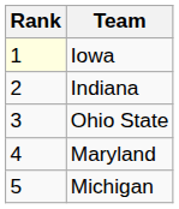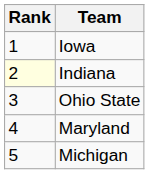 <table class="wikitable">
 <tr>
 <th>Rank</th>
 <th>Team</th>
 </tr>
 <tr>
-<td style="background: lightyellow;">1</td>
+<td>1</td>
 <td>Iowa</td>
 </tr>
 <tr>
-<td>2</td>
+<td style="background: lightyellow;">2</td>
 <td>Indiana</td>
 </tr>
 <tr>
 <td>3</td>
 <td>Ohio State</td>
 </tr>
 <tr>
 <td>4</td>
 <td>Maryland</td>
 </tr>
 <tr>
 <td>5</td>
 <td>Michigan</td>
 </tr>
 </table>
